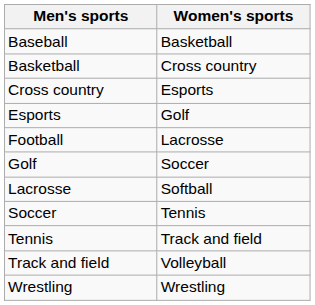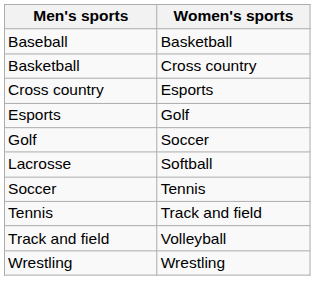 <table class="wikitable"; style= "text-align: ">
 <tr>
 <th width=150px>Men's sports</th>
 <th width=150px>Women's sports</th>
 </tr>
 <tr>
 <td>Baseball</td>
 <td>Basketball</td>
 </tr>
 <tr>
 <td>Basketball</td>
 <td>Cross country</td>
 </tr>
 <tr>
 <td>Cross country</td>
 <td>Esports</td>
 </tr>
 <tr>
 <td>Esports</td>
 <td>Golf</td>
-</tr>
-<tr>
-<td>Football</td>
-<td>Lacrosse</td>
 </tr>
 <tr>
 <td>Golf</td>
 <td>Soccer</td>
 </tr>
 <tr>
 <td>Lacrosse</td>
 <td>Softball</td>
 </tr>
 <tr>
 <td>Soccer</td>
 <td>Tennis</td>
 </tr>
 <tr>
 <td>Tennis</td>
 <td>Track and field</td>
 </tr>
 <tr>
 <td>Track and field</td>
 <td>Volleyball</td>
 </tr>
 <tr>
 <td>Wrestling</td>
 <td>Wrestling</td>
 </tr>
 </table>
